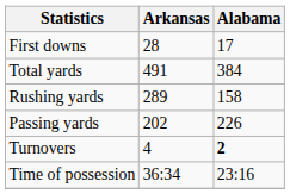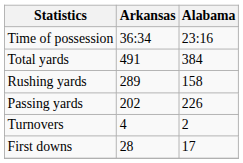 <table class="wikitable" style="float: left;">
 <tr>
 <th>Statistics</th>
 <th>Arkansas</th>
 <th>Alabama</th>
 </tr>
 <tr>
-<td>First downs</td>
-<td>28</td>
-<td>17</td>
+<td>Time of possession</td>
+<td>36:34</td>
+<td>23:16</td>
 </tr>
 <tr>
 <td>Total yards</td>
 <td>491</td>
 <td>384</td>
 </tr>
 <tr>
 <td>Rushing yards</td>
 <td>289</td>
 <td>158</td>
 </tr>
 <tr>
 <td>Passing yards</td>
 <td>202</td>
 <td>226</td>
 </tr>
 <tr>
 <td>Turnovers</td>
 <td>4</td>
-<td><strong>2</strong></td>
+<td>2</td>
 </tr>
 <tr>
-<td>Time of possession</td>
-<td>36:34</td>
-<td>23:16</td>
+<td>First downs</td>
+<td>28</td>
+<td>17</td>
 </tr>
 <tr>
 </tr>
 </table>
